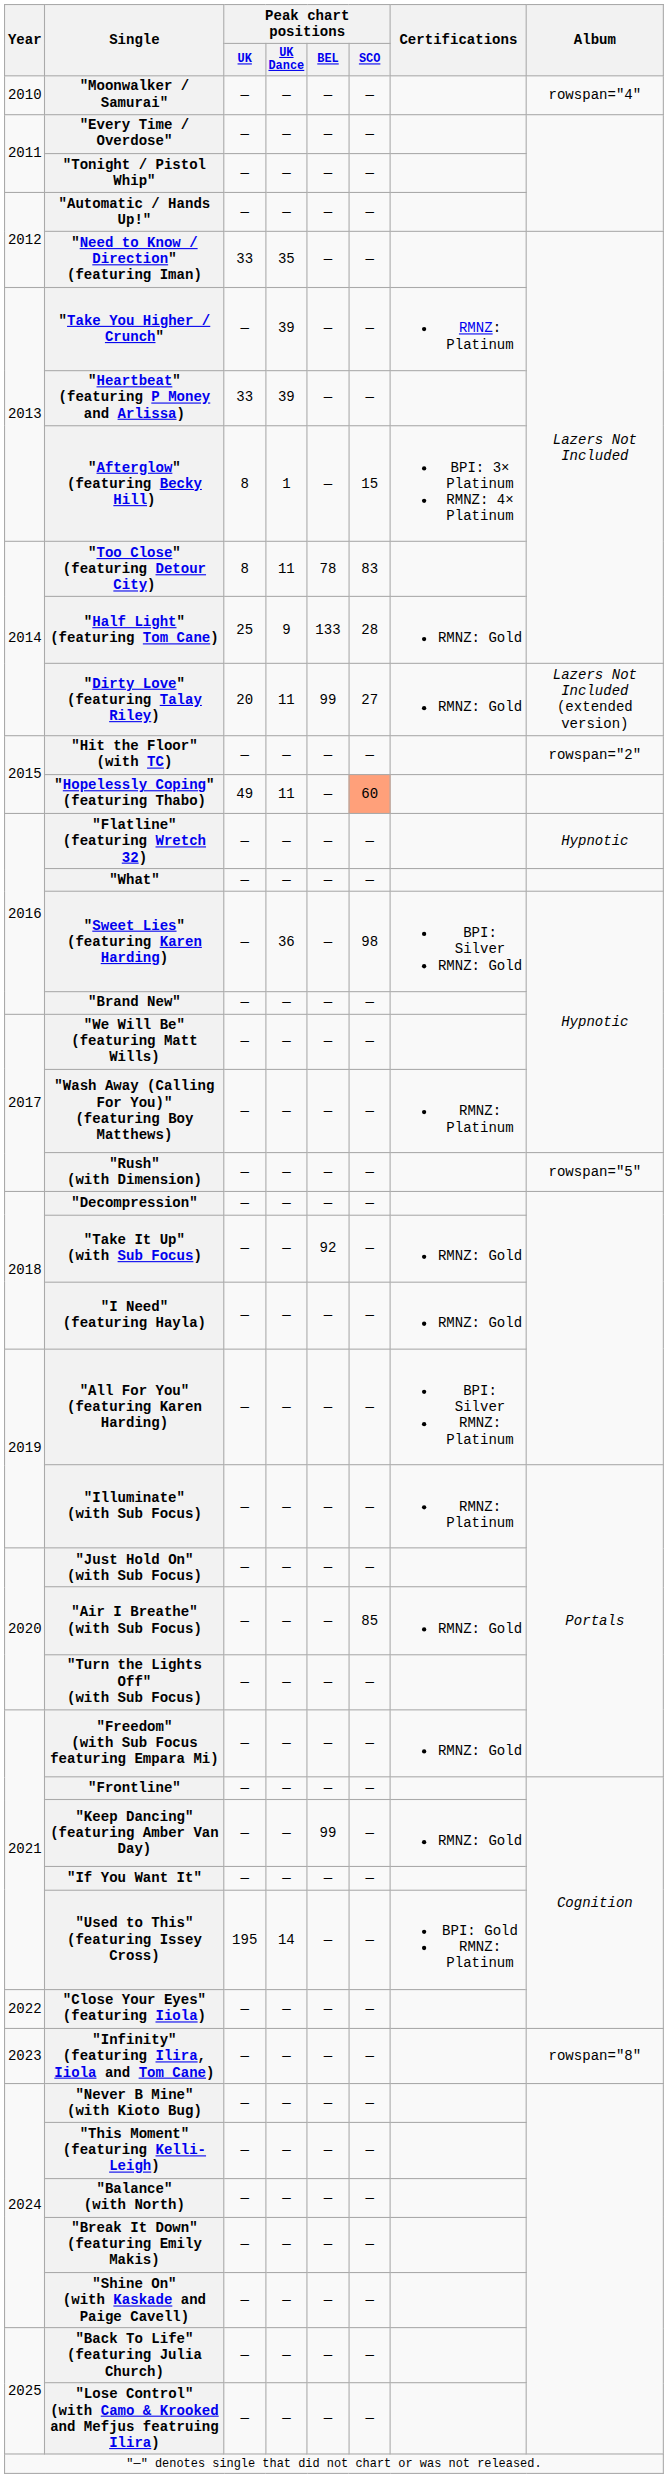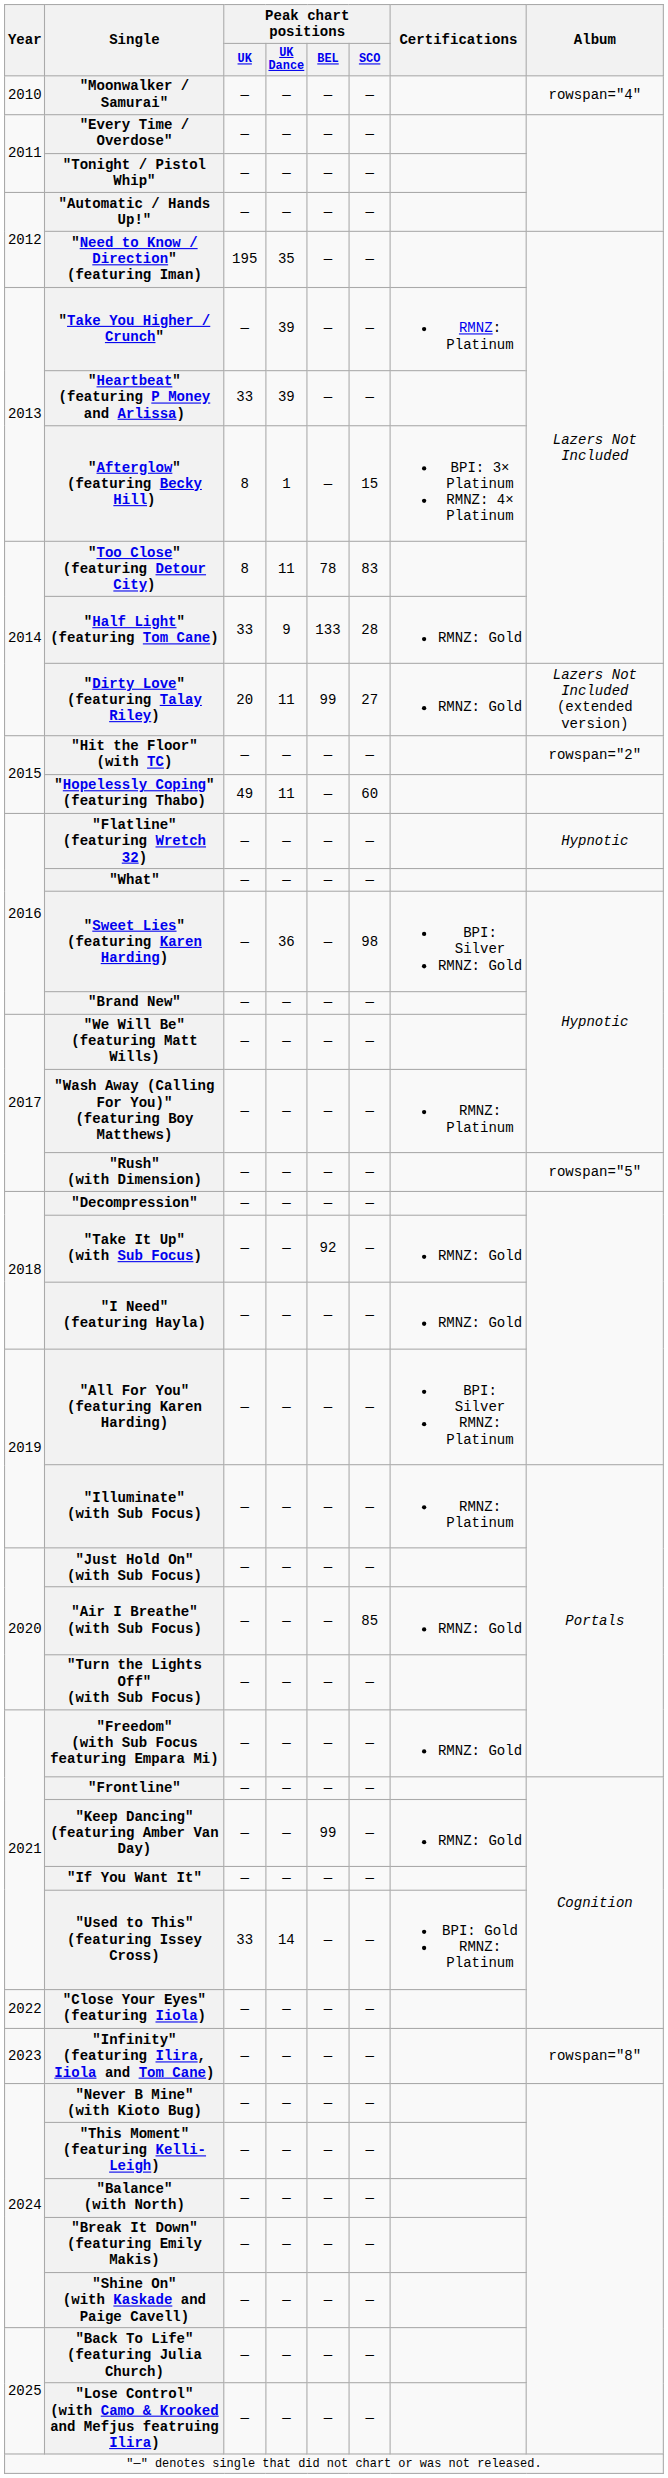 <table class="wikitable plainrowheaders" style="text-align:center;">
 <tr>
 <th scope="col" rowspan="2">Year</th>
 <th scope="col" rowspan="2">Single</th>
 <th scope="col" colspan="4">Peak chart positions</th>
 <th scope="col" rowspan="2">Certifications</th>
 <th scope="col" rowspan="2">Album</th>
 </tr>
 <tr>
 <th scope="col" style="width:3em;font-size:85%;"><a href='#'>UK</a><br></th>
 <th scope="col" style="width:3em;font-size:85%;"><a href='#'>UK<br>Dance</a><br></th>
 <th scope="col" style="width:3em;font-size:85%;"><a href='#'>BEL</a><br></th>
 <th scope="col" style="width:3em;font-size:85%;"><a href='#'>SCO</a><br></th>
 </tr>
 <tr>
 <td>2010</td>
 <th scope="row">"Moonwalker / Samurai"</th>
 <td>—</td>
 <td>—</td>
 <td>—</td>
 <td>—</td>
 <td></td>
 <td>rowspan="4" </td>
 </tr>
 <tr>
 <td rowspan="2">2011</td>
 <th scope="row">"Every Time / Overdose"</th>
 <td>—</td>
 <td>—</td>
 <td>—</td>
 <td>—</td>
 <td></td>
 </tr>
 <tr>
 <th scope="row">"Tonight / Pistol Whip"</th>
 <td>—</td>
 <td>—</td>
 <td>—</td>
 <td>—</td>
 <td></td>
 </tr>
 <tr>
 <td rowspan="2">2012</td>
 <th scope="row">"Automatic / Hands Up!"</th>
 <td>—</td>
 <td>—</td>
 <td>—</td>
 <td>—</td>
 <td></td>
 </tr>
 <tr>
 <th scope="row">"<a href='#'>Need to Know / Direction</a>"<br><span>(featuring Iman)</span></th>
-<td>33</td>
+<td>195</td>
 <td>35</td>
 <td>—</td>
 <td>—</td>
 <td></td>
 <td rowspan="6"><em>Lazers Not Included</em></td>
 </tr>
 <tr>
 <td rowspan="3">2013</td>
 <th scope="row">"<a href='#'>Take You Higher / Crunch</a>"</th>
 <td>—</td>
 <td>39</td>
 <td>—</td>
 <td>—</td>
 <td><br><ul><li><a href='#'>RMNZ</a>: Platinum</li></ul></td>
 </tr>
 <tr>
 <th scope="row">"<a href='#'>Heartbeat</a>"<br><span>(featuring <a href='#'>P Money</a> and <a href='#'>Arlissa</a>)</span></th>
 <td>33</td>
 <td>39</td>
 <td>—</td>
 <td>—</td>
 <td></td>
 </tr>
 <tr>
 <th scope="row">"<a href='#'>Afterglow</a>"<br><span>(featuring <a href='#'>Becky Hill</a>)</span></th>
 <td>8</td>
 <td>1</td>
 <td>—</td>
 <td>15</td>
 <td><br><ul><li>BPI: 3× Platinum</li><li>RMNZ: 4× Platinum</li></ul></td>
 </tr>
 <tr>
 <td rowspan="3">2014</td>
 <th scope="row">"<a href='#'>Too Close</a>"<br><span>(featuring <a href='#'>Detour City</a>)</span></th>
 <td>8</td>
 <td>11</td>
 <td>78</td>
 <td>83</td>
 <td></td>
 </tr>
 <tr>
 <th scope="row">"<a href='#'>Half Light</a>"<br><span>(featuring <a href='#'>Tom Cane</a>)</span></th>
-<td>25</td>
+<td>33</td>
 <td>9</td>
 <td>133</td>
 <td>28</td>
 <td><br><ul><li>RMNZ: Gold</li></ul></td>
 </tr>
 <tr>
 <th scope="row">"<a href='#'>Dirty Love</a>"<br><span>(featuring <a href='#'>Talay Riley</a>)</span></th>
 <td>20</td>
 <td>11</td>
 <td>99</td>
 <td>27</td>
 <td><br><ul><li>RMNZ: Gold</li></ul></td>
 <td><em>Lazers Not Included</em> (extended version)</td>
 </tr>
 <tr>
 <td rowspan="2">2015</td>
 <th scope="row">"Hit the Floor"<br><span>(with <a href='#'>TC</a>)</span></th>
 <td>—</td>
 <td>—</td>
 <td>—</td>
 <td>—</td>
 <td></td>
 <td>rowspan="2" </td>
 </tr>
 <tr>
 <th scope="row">"<a href='#'>Hopelessly Coping</a>"<br><span>(featuring Thabo)</span></th>
 <td>49</td>
 <td>11</td>
 <td>—</td>
-<td style="background: lightsalmon;">60</td>
+<td>60</td>
 <td></td>
 </tr>
 <tr>
 <td rowspan="4">2016</td>
 <th scope="row">"Flatline"<br><span>(featuring <a href='#'>Wretch 32</a>)</span></th>
 <td>—</td>
 <td>—</td>
 <td>—</td>
 <td>—</td>
 <td></td>
 <td><em>Hypnotic</em></td>
 </tr>
 <tr>
 <th scope="row">"What"</th>
 <td>—</td>
 <td>—</td>
 <td>—</td>
 <td>—</td>
 <td></td>
 <td></td>
 </tr>
 <tr>
 <th scope="row">"<a href='#'>Sweet Lies</a>"<br><span>(featuring <a href='#'>Karen Harding</a>)</span></th>
 <td>—</td>
 <td>36</td>
 <td>—</td>
 <td>98</td>
 <td><br><ul><li>BPI: Silver</li><li>RMNZ: Gold</li></ul></td>
 <td rowspan="4"><em>Hypnotic</em></td>
 </tr>
 <tr>
 <th scope="row">"Brand New"</th>
 <td>—</td>
 <td>—</td>
 <td>—</td>
 <td>—</td>
 <td></td>
 </tr>
 <tr>
 <td rowspan="3">2017</td>
 <th scope="row">"We Will Be"<br><span>(featuring Matt Wills)</span></th>
 <td>—</td>
 <td>—</td>
 <td>—</td>
 <td>—</td>
 <td></td>
 </tr>
 <tr>
 <th scope="row">"Wash Away (Calling For You)"<br><span>(featuring Boy Matthews)</span></th>
 <td>—</td>
 <td>—</td>
 <td>—</td>
 <td>—</td>
 <td><br><ul><li>RMNZ: Platinum</li></ul></td>
 </tr>
 <tr>
 <th scope="row">"Rush"<br><span>(with Dimension)</span></th>
 <td>—</td>
 <td>—</td>
 <td>—</td>
 <td>—</td>
 <td></td>
 <td>rowspan="5" </td>
 </tr>
 <tr>
 <td rowspan="3">2018</td>
 <th scope="row">"Decompression"</th>
 <td>—</td>
 <td>—</td>
 <td>—</td>
 <td>—</td>
 <td></td>
 </tr>
 <tr>
 <th scope="row">"Take It Up"<br><span>(with <a href='#'>Sub Focus</a>)</span></th>
 <td>—</td>
 <td>—</td>
 <td>92</td>
 <td>—</td>
 <td><br><ul><li>RMNZ: Gold</li></ul></td>
 </tr>
 <tr>
 <th scope="row">"I Need"<br><span>(featuring Hayla)</span></th>
 <td>—</td>
 <td>—</td>
 <td>—</td>
 <td>—</td>
 <td><br><ul><li>RMNZ: Gold</li></ul></td>
 </tr>
 <tr>
 <td rowspan="2">2019</td>
 <th scope="row">"All For You"<br><span>(featuring Karen Harding)</span></th>
 <td>—</td>
 <td>—</td>
 <td>—</td>
 <td>—</td>
 <td><br><ul><li>BPI: Silver</li><li>RMNZ: Platinum</li></ul></td>
 </tr>
 <tr>
 <th scope="row">"Illuminate" <br><span>(with Sub Focus)</span></th>
 <td>—</td>
 <td>—</td>
 <td>—</td>
 <td>—</td>
 <td><br><ul><li>RMNZ: Platinum</li></ul></td>
 <td rowspan="5"><em>Portals</em></td>
 </tr>
 <tr>
 <td rowspan="3">2020</td>
 <th scope="row">"Just Hold On" <br><span>(with Sub Focus)</span></th>
 <td>—</td>
 <td>—</td>
 <td>—</td>
 <td>—</td>
 <td></td>
 </tr>
 <tr>
 <th scope="row">"Air I Breathe" <br><span>(with Sub Focus)</span></th>
 <td>—</td>
 <td>—</td>
 <td>—</td>
 <td>85</td>
 <td><br><ul><li>RMNZ: Gold</li></ul></td>
 </tr>
 <tr>
 <th scope="row">"Turn the Lights Off"<br><span>(with Sub Focus)</span></th>
 <td>—</td>
 <td>—</td>
 <td>—</td>
 <td>—</td>
 <td></td>
 </tr>
 <tr>
 <td rowspan="5">2021</td>
 <th scope="row">"Freedom"<br><span>(with Sub Focus featuring Empara Mi)</span></th>
 <td>—</td>
 <td>—</td>
 <td>—</td>
 <td>—</td>
 <td><br><ul><li>RMNZ: Gold</li></ul></td>
 </tr>
 <tr>
 <th scope="row">"Frontline"</th>
 <td>—</td>
 <td>—</td>
 <td>—</td>
 <td>—</td>
 <td></td>
 <td rowspan="5"><em>Cognition</em></td>
 </tr>
 <tr>
 <th scope="row">"Keep Dancing" <br><span>(featuring Amber Van Day)</span></th>
 <td>—</td>
 <td>—</td>
 <td>99</td>
 <td>—</td>
 <td><br><ul><li>RMNZ: Gold</li></ul></td>
 </tr>
 <tr>
 <th scope="row">"If You Want It"</th>
 <td>—</td>
 <td>—</td>
 <td>—</td>
 <td>—</td>
 <td></td>
 </tr>
 <tr>
 <th scope="row">"Used to This" <br><span>(featuring Issey Cross)</span></th>
-<td>195</td>
+<td>33</td>
 <td>14</td>
 <td>—</td>
 <td>—</td>
 <td><br><ul><li>BPI: Gold</li><li>RMNZ: Platinum</li></ul></td>
 </tr>
 <tr>
 <td>2022</td>
 <th scope="row">"Close Your Eyes" <br><span>(featuring <a href='#'>Iiola</a>)</span></th>
 <td>—</td>
 <td>—</td>
 <td>—</td>
 <td>—</td>
 <td></td>
 </tr>
 <tr>
 <td>2023</td>
 <th scope="row">"Infinity" <br><span>(featuring <a href='#'>Ilira</a>, <a href='#'>Iiola</a> and <a href='#'>Tom Cane</a>)</span></th>
 <td>—</td>
 <td>—</td>
 <td>—</td>
 <td>—</td>
 <td></td>
 <td>rowspan="8" </td>
 </tr>
 <tr>
 <td rowspan="5">2024</td>
 <th scope="row">"Never B Mine" <br><span>(with Kioto Bug)</span></th>
 <td>—</td>
 <td>—</td>
 <td>—</td>
 <td>—</td>
 <td></td>
 </tr>
 <tr>
 <th scope="row">"This Moment" <br><span>(featuring <a href='#'>Kelli-Leigh</a>)</span></th>
 <td>—</td>
 <td>—</td>
 <td>—</td>
 <td>—</td>
 <td></td>
 </tr>
 <tr>
 <th scope="row">"Balance" <br><span>(with North)</span></th>
 <td>—</td>
 <td>—</td>
 <td>—</td>
 <td>—</td>
 <td></td>
 </tr>
 <tr>
 <th scope="row">"Break It Down" <br><span>(featuring Emily Makis)</span></th>
 <td>—</td>
 <td>—</td>
 <td>—</td>
 <td>—</td>
 <td></td>
 </tr>
 <tr>
 <th scope="row">"Shine On" <br><span>(with <a href='#'>Kaskade</a> and Paige Cavell)</span></th>
 <td>—</td>
 <td>—</td>
 <td>—</td>
 <td>—</td>
 <td></td>
 </tr>
 <tr>
 <td rowspan="2">2025</td>
 <th scope="row">"Back To Life" <br><span>(featuring Julia Church)</span></th>
 <td>—</td>
 <td>—</td>
 <td>—</td>
 <td>—</td>
 <td></td>
 </tr>
 <tr>
 <th scope="row">"Lose Control" <br><span>(with <a href='#'>Camo & Krooked</a> and Mefjus featruing <a href='#'>Ilira</a>)</span></th>
 <td>—</td>
 <td>—</td>
 <td>—</td>
 <td>—</td>
 <td></td>
 </tr>
 <tr>
 <td colspan="9" style="font-size:85%">"—" denotes single that did not chart or was not released.</td>
 </tr>
 </table>
